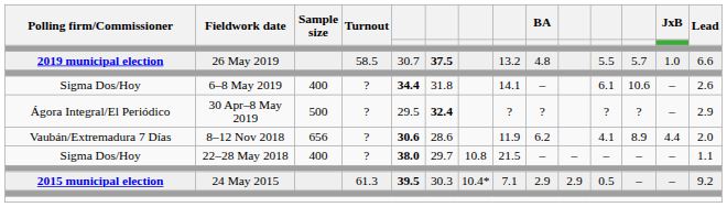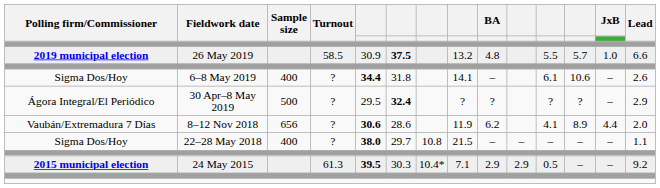 <table class="wikitable collapsible collapsed" style="text-align:center; font-size:95%; line-height:16px;">
 <tr style="height:42px;">
 <th style="width:250px;" rowspan="2">Polling firm/Commissioner</th>
 <th style="width:125px;" rowspan="2">Fieldwork date</th>
 <th style="width:50px;" rowspan="2">Sample size</th>
 <th style="width:45px;" rowspan="2">Turnout</th>
 <th style="width:35px;"></th>
 <th style="width:35px;"></th>
 <th style="width:35px;"></th>
 <th style="width:35px;"></th>
 <th style="width:35px;">BA</th>
 <th style="width:35px;"></th>
 <th style="width:35px;"></th>
 <th style="width:35px;"></th>
 <th style="width:35px;">JxB</th>
 <th style="width:30px;" rowspan="2">Lead</th>
 </tr>
 <tr>
 <th style="color:inherit;background:"></th>
 <th style="color:inherit;background:"></th>
 <th style="color:inherit;background:"></th>
 <th style="color:inherit;background:"></th>
 <th style="color:inherit;background:"></th>
 <th style="color:inherit;background:"></th>
 <th style="color:inherit;background:"></th>
 <th style="color:inherit;background:"></th>
 <th style="color:inherit;background:#3DAB38;"></th>
 </tr>
 <tr>
 <td colspan="14" style="background:#A0A0A0"></td>
 </tr>
 <tr style="background:#EFEFEF;">
 <td><strong><a href='#'>2019 municipal election</a></strong></td>
 <td>26 May 2019</td>
 <td></td>
 <td>58.5</td>
-<td>30.7<br></td>
+<td>30.9<br></td>
 <td><strong>37.5</strong><br></td>
 <td></td>
 <td>13.2<br></td>
 <td>4.8<br></td>
 <td></td>
 <td>5.5<br></td>
 <td>5.7<br></td>
 <td>1.0<br></td>
 <td style="background:">6.6</td>
 </tr>
 <tr>
 <td colspan="14" style="background:#A0A0A0"></td>
 </tr>
 <tr>
 <td>Sigma Dos/Hoy</td>
 <td>6–8 May 2019</td>
 <td>400</td>
 <td>?</td>
 <td><strong>34.4</strong><br></td>
 <td>31.8<br></td>
 <td></td>
 <td>14.1<br></td>
 <td>–</td>
 <td></td>
 <td>6.1<br></td>
 <td>10.6<br></td>
 <td>–</td>
 <td style="background:">2.6</td>
 </tr>
 <tr>
 <td>Ágora Integral/El Periódico</td>
 <td>30 Apr–8 May 2019</td>
 <td>500</td>
 <td>?</td>
 <td>29.5<br></td>
 <td><strong>32.4</strong><br></td>
 <td></td>
 <td>?<br></td>
 <td>?<br></td>
 <td></td>
 <td>?<br></td>
 <td>?<br></td>
 <td>–</td>
 <td style="background:">2.9</td>
 </tr>
 <tr>
 <td>Vaubán/Extremadura 7 Días</td>
 <td>8–12 Nov 2018</td>
 <td>656</td>
 <td>?</td>
 <td><strong>30.6</strong><br></td>
 <td>28.6<br></td>
 <td></td>
 <td>11.9<br></td>
 <td>6.2<br></td>
 <td></td>
 <td>4.1<br></td>
 <td>8.9<br></td>
 <td>4.4<br></td>
 <td style="background:">2.0</td>
 </tr>
 <tr>
 <td>Sigma Dos/Hoy</td>
 <td>22–28 May 2018</td>
 <td>400</td>
 <td>?</td>
 <td><strong>38.0</strong><br></td>
 <td>29.7<br></td>
 <td>10.8<br></td>
 <td>21.5<br></td>
 <td>–</td>
 <td>–</td>
 <td>–</td>
 <td>–</td>
 <td>–</td>
 <td style="background:">1.1</td>
 </tr>
 <tr>
 <td colspan="14" style="background:#A0A0A0"></td>
 </tr>
 <tr style="background:#EFEFEF;">
 <td><strong><a href='#'>2015 municipal election</a></strong></td>
 <td>24 May 2015</td>
 <td></td>
 <td>61.3</td>
 <td><strong>39.5</strong><br></td>
 <td>30.3<br></td>
 <td>10.4*<br></td>
 <td>7.1<br></td>
 <td>2.9<br></td>
 <td>2.9<br></td>
 <td>0.5<br></td>
 <td>–</td>
 <td>–</td>
 <td style="background:">9.2</td>
 </tr>
 <tr>
 <td colspan="14" style="background:#A0A0A0"></td>
 </tr>
 <tr>
 <td align="left" colspan="14"></td>
 </tr>
 </table>
